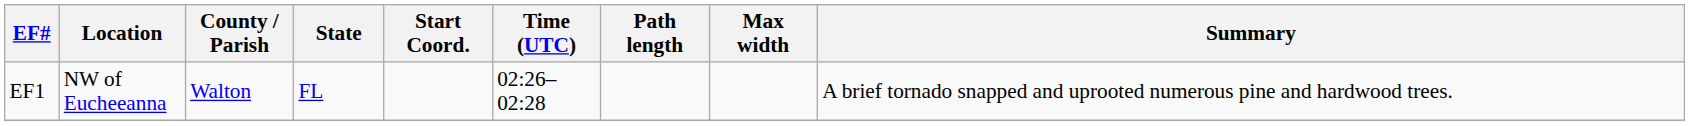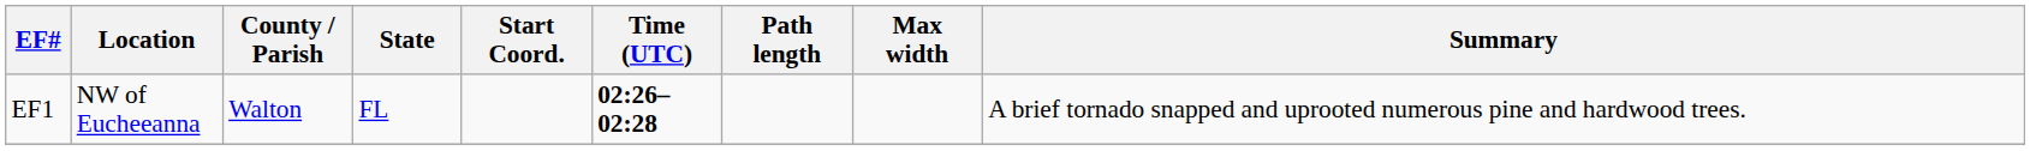 <table class="wikitable sortable" style="width:100%;">
 <tr>
 <th scope="col"  style="width:3%; text-align:center;"><a href='#'>EF#</a></th>
 <th scope="col"  style="width:7%; text-align:center;" class="unsortable">Location</th>
 <th scope="col"  style="width:6%; text-align:center;" class="unsortable">County / Parish</th>
 <th scope="col"  style="width:5%; text-align:center;">State</th>
 <th scope="col"  style="width:6%; text-align:center;">Start Coord.</th>
 <th scope="col"  style="width:6%; text-align:center;">Time (<a href='#'>UTC</a>)</th>
 <th scope="col"  style="width:6%; text-align:center;">Path length</th>
 <th scope="col"  style="width:6%; text-align:center;">Max width</th>
 <th scope="col" class="unsortable" style="width:48%; text-align:center;">Summary</th>
 </tr>
 <tr>
 <td>EF1</td>
 <td>NW of <a href='#'>Eucheeanna</a></td>
 <td><a href='#'>Walton</a></td>
 <td><a href='#'>FL</a></td>
 <td></td>
-<td>02:26–02:28</td>
+<td><strong>02:26–02:28</strong></td>
 <td></td>
 <td></td>
 <td>A brief tornado snapped and uprooted numerous pine and hardwood trees.</td>
 </tr>
 <tr>
 </tr>
 </table>
